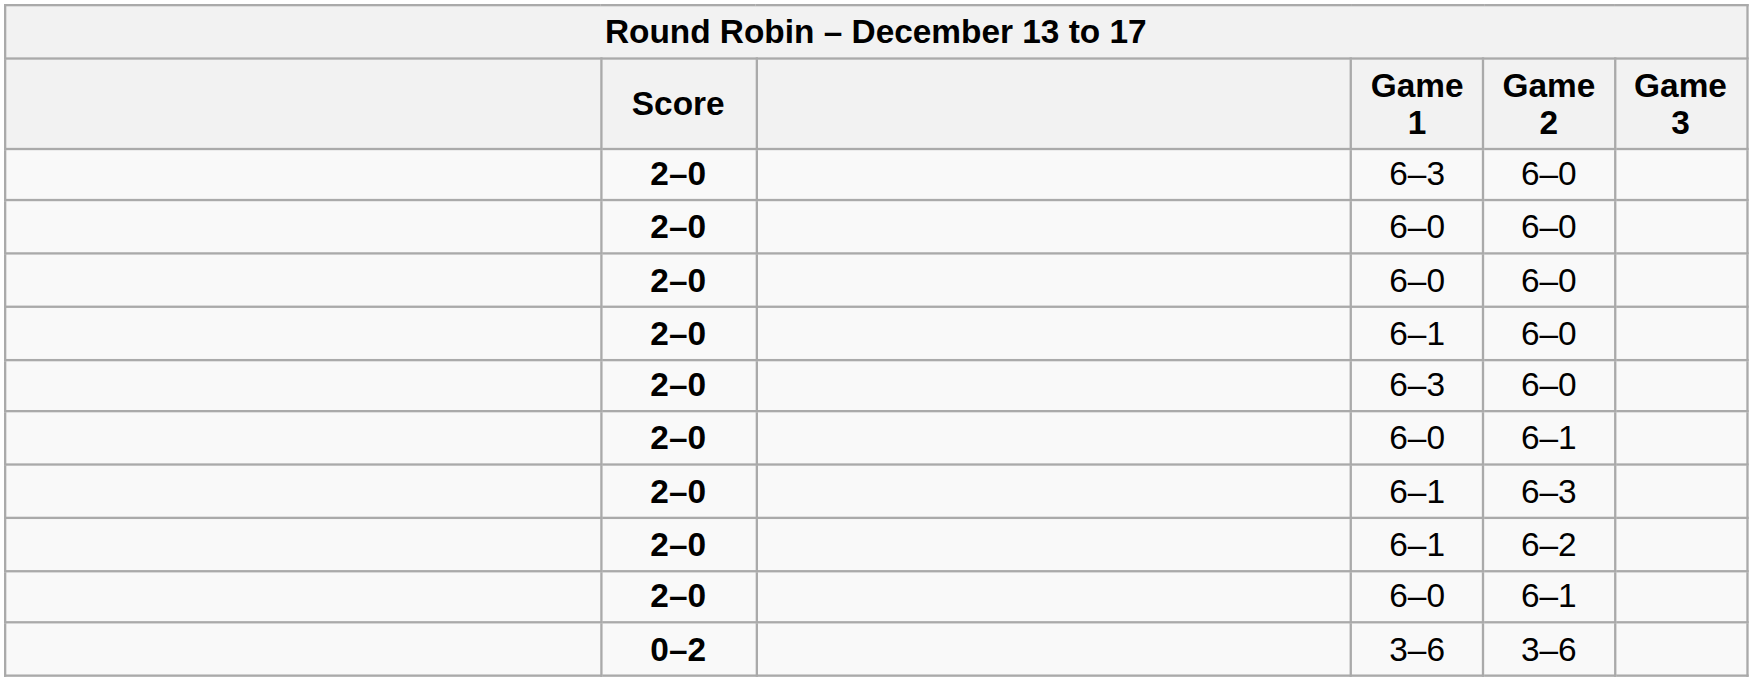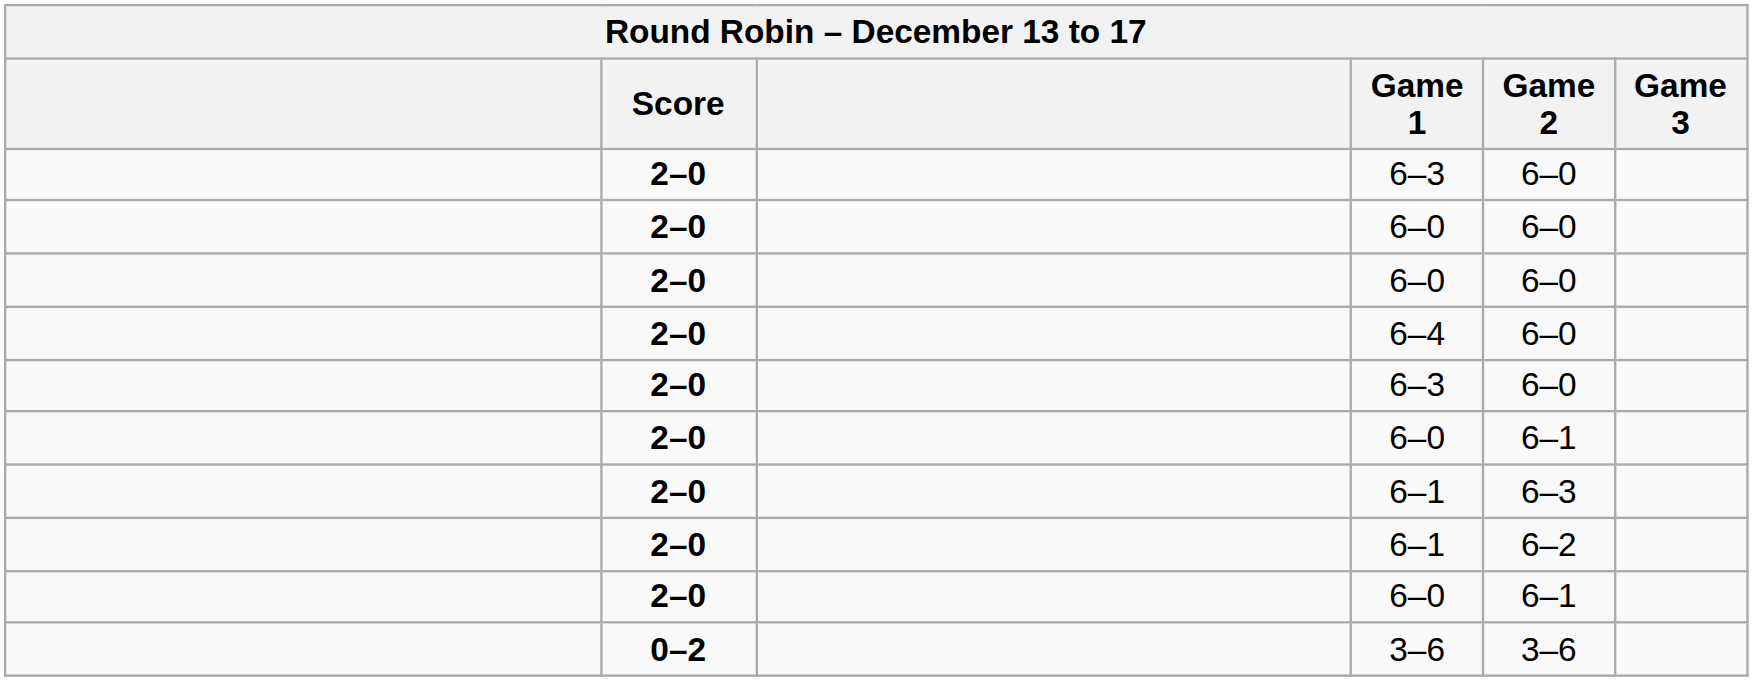 <table class="wikitable" style="text-align: center; font-size:90% ">
 <tr>
 <th colspan=6>Round Robin – December 13 to 17</th>
 </tr>
 <tr>
 <th align="right" width="250"></th>
 <th width="60">Score</th>
 <th align="left" width="250"></th>
 <th width="50">Game 1</th>
 <th width="50">Game 2</th>
 <th width="50">Game 3</th>
 </tr>
 <tr>
 <td align=left><strong><br></strong></td>
 <td align=center><strong>2–0</strong></td>
 <td align=left><br></td>
 <td>6–3</td>
 <td>6–0</td>
 <td></td>
 </tr>
 <tr>
 <td align=left><strong><br></strong></td>
 <td align=center><strong>2–0</strong></td>
 <td align=left><br></td>
 <td>6–0</td>
 <td>6–0</td>
 <td></td>
 </tr>
 <tr>
 <td align=left><strong><br></strong></td>
 <td align=center><strong>2–0</strong></td>
 <td align=left><br></td>
 <td>6–0</td>
 <td>6–0</td>
 <td></td>
 </tr>
 <tr>
 <td align=left><strong><br></strong></td>
 <td align=center><strong>2–0</strong></td>
 <td align=left><br></td>
-<td>6–1</td>
+<td>6–4</td>
 <td>6–0</td>
 <td></td>
 </tr>
 <tr>
 <td align=left><strong><br></strong></td>
 <td align=center><strong>2–0</strong></td>
 <td align=left><br></td>
 <td>6–3</td>
 <td>6–0</td>
 <td></td>
 </tr>
 <tr>
 <td align=left><strong><br></strong></td>
 <td align=center><strong>2–0</strong></td>
 <td align=left><br></td>
 <td>6–0</td>
 <td>6–1</td>
 <td></td>
 </tr>
 <tr>
 <td align=left><strong><br></strong></td>
 <td align=center><strong>2–0</strong></td>
 <td align=left><br></td>
 <td>6–1</td>
 <td>6–3</td>
 <td></td>
 </tr>
 <tr>
 <td align=left><strong><br></strong></td>
 <td align=center><strong>2–0</strong></td>
 <td align=left><br></td>
 <td>6–1</td>
 <td>6–2</td>
 <td></td>
 </tr>
 <tr>
 <td align=left><strong><br></strong></td>
 <td align=center><strong>2–0</strong></td>
 <td align=left><strong><br></strong></td>
 <td>6–0</td>
 <td>6–1</td>
 <td></td>
 </tr>
 <tr>
 <td align=left><br></td>
 <td align=center><strong>0–2</strong></td>
 <td align=left><strong><br></strong></td>
 <td>3–6</td>
 <td>3–6</td>
 <td></td>
 </tr>
 </table>
